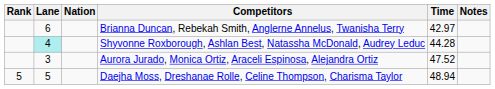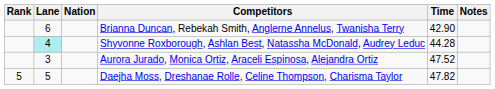 <table class="wikitable sortable" style="text-align:center">
 <tr>
 <th>Rank</th>
 <th>Lane</th>
 <th>Nation</th>
 <th>Competitors</th>
 <th>Time</th>
 <th>Notes</th>
 </tr>
 <tr>
 <td></td>
 <td>6</td>
 <td align=left></td>
 <td align=left><a href='#'>Brianna Duncan</a>, Rebekah Smith, <a href='#'>Anglerne Annelus</a>, <a href='#'>Twanisha Terry</a></td>
-<td>42.97</td>
+<td>42.90</td>
 <td></td>
 </tr>
 <tr>
 <td></td>
 <td style="background: paleturquoise;">4</td>
 <td align=left></td>
 <td align=left><a href='#'>Shyvonne Roxborough</a>, <a href='#'>Ashlan Best</a>, <a href='#'>Natassha McDonald</a>, <a href='#'>Audrey Leduc</a></td>
 <td>44.28</td>
 <td></td>
 </tr>
 <tr>
 <td></td>
 <td>3</td>
 <td align=left></td>
 <td align=left><a href='#'>Aurora Jurado</a>, <a href='#'>Monica Ortiz</a>, <a href='#'>Araceli Espinosa</a>, <a href='#'>Alejandra Ortiz</a></td>
 <td>47.52</td>
 <td></td>
 </tr>
 <tr>
 <td>5</td>
 <td>5</td>
 <td align=left></td>
 <td align=left><a href='#'>Daejha Moss</a>, <a href='#'>Dreshanae Rolle</a>, <a href='#'>Celine Thompson</a>, <a href='#'>Charisma Taylor</a></td>
-<td>48.94</td>
+<td>47.82</td>
 <td></td>
 </tr>
 </table>
